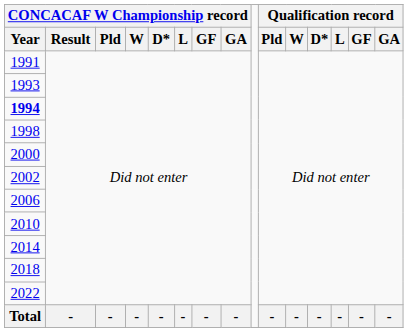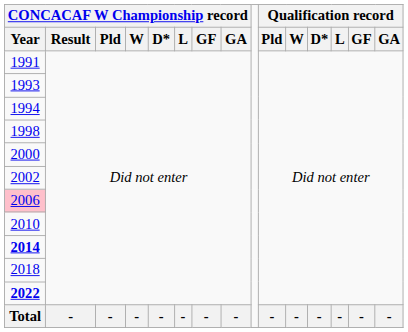 <table class="wikitable" style="text-align: center;">
 <tr>
 <th colspan=8><a href='#'>CONCACAF W Championship</a> record</th>
 <td rowspan=14></td>
 <th colspan=6>Qualification record</th>
 </tr>
 <tr>
 <th>Year</th>
 <th>Result</th>
 <th>Pld</th>
 <th>W</th>
 <th>D*</th>
 <th>L</th>
 <th>GF</th>
 <th>GA</th>
 <th>Pld</th>
 <th>W</th>
 <th>D*</th>
 <th>L</th>
 <th>GF</th>
 <th>GA</th>
 </tr>
 <tr>
 <td> <a href='#'>1991</a></td>
 <td colspan=7 rowspan=11><em>Did not enter</em></td>
 <td colspan=6 rowspan=11><em>Did not enter</em></td>
 </tr>
 <tr>
 <td> <a href='#'>1993</a></td>
 </tr>
 <tr>
-<td><strong> <a href='#'>1994</a></strong></td>
+<td> <a href='#'>1994</a></td>
 </tr>
 <tr>
 <td> <a href='#'>1998</a></td>
 </tr>
 <tr>
 <td> <a href='#'>2000</a></td>
 </tr>
 <tr>
 <td> <a href='#'>2002</a></td>
 </tr>
 <tr>
-<td> <a href='#'>2006</a></td>
+<td style="background: pink;"> <a href='#'>2006</a></td>
 </tr>
 <tr>
 <td> <a href='#'>2010</a></td>
 </tr>
 <tr>
-<td> <a href='#'>2014</a></td>
+<td><strong> <a href='#'>2014</a></strong></td>
 </tr>
 <tr>
 <td> <a href='#'>2018</a></td>
 </tr>
 <tr>
-<td> <a href='#'>2022</a></td>
+<td><strong> <a href='#'>2022</a></strong></td>
 </tr>
 <tr>
 <th>Total</th>
 <th>-</th>
 <th>-</th>
 <th>-</th>
 <th>-</th>
 <th>-</th>
 <th>-</th>
 <th>-</th>
 <th>-</th>
 <th>-</th>
 <th>-</th>
 <th>-</th>
 <th>-</th>
 <th>-</th>
 </tr>
 </table>
